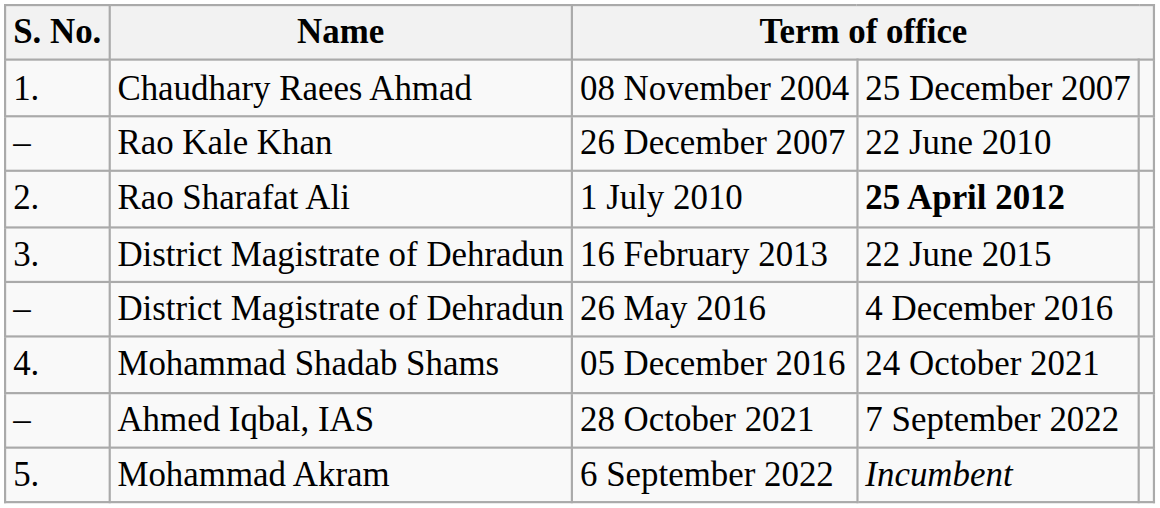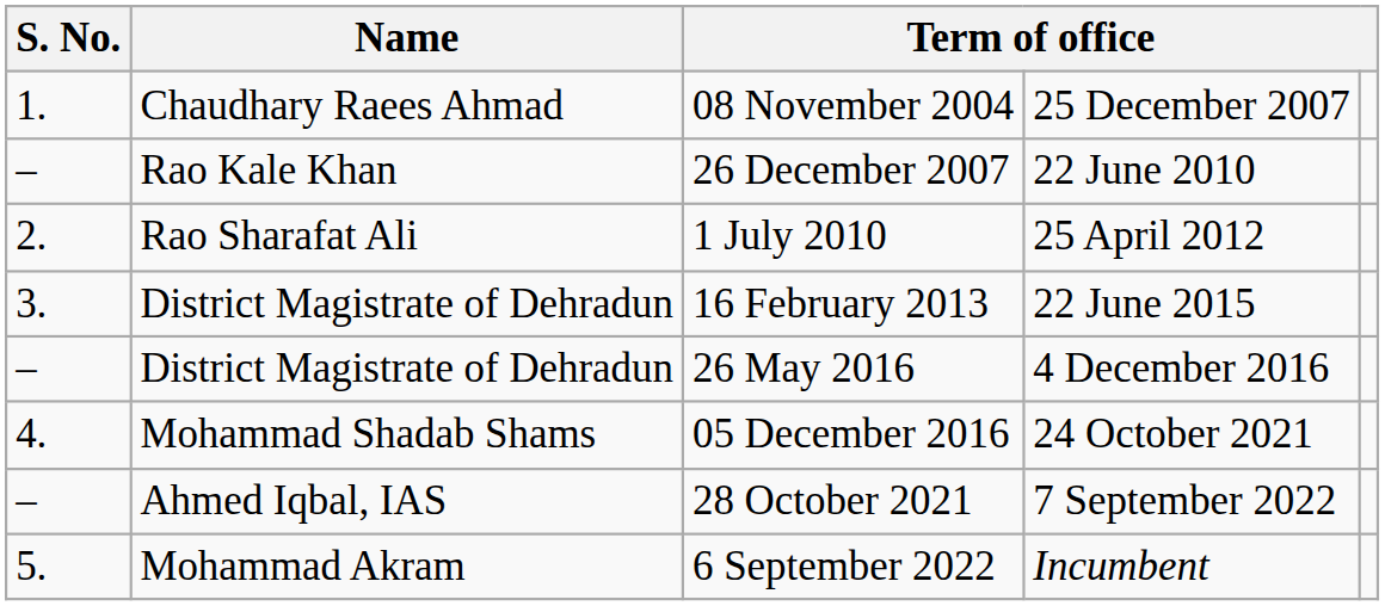 <table class="wikitable" ;">
 <tr>
 <th>S. No.</th>
 <th>Name</th>
 <th colspan="3">Term of office</th>
 </tr>
 <tr>
 <td>1.</td>
 <td>Chaudhary Raees Ahmad</td>
 <td>08 November 2004</td>
 <td>25 December 2007</td>
 <td></td>
 </tr>
 <tr>
 <td>–</td>
 <td>Rao Kale Khan</td>
 <td>26 December 2007</td>
 <td>22 June 2010</td>
 <td></td>
 </tr>
 <tr>
 <td>2.</td>
 <td>Rao Sharafat Ali</td>
 <td>1 July 2010</td>
-<td><strong>25 April 2012</strong></td>
+<td>25 April 2012</td>
 <td></td>
 </tr>
 <tr>
 <td>3.</td>
 <td>District Magistrate of Dehradun </td>
 <td>16 February 2013</td>
 <td>22 June 2015</td>
 <td></td>
 </tr>
 <tr>
 <td>–</td>
 <td>District Magistrate of Dehradun </td>
 <td>26 May 2016</td>
 <td>4 December 2016</td>
 <td></td>
 </tr>
 <tr>
 <td>4.</td>
 <td>Mohammad Shadab Shams</td>
 <td>05 December 2016</td>
 <td>24 October 2021</td>
 <td></td>
 </tr>
 <tr>
 <td>–</td>
 <td>Ahmed Iqbal, IAS </td>
 <td>28 October 2021</td>
 <td>7 September 2022</td>
 <td></td>
 </tr>
 <tr>
 <td>5.</td>
 <td>Mohammad Akram</td>
 <td>6 September 2022</td>
 <td><em>Incumbent</em></td>
 <td></td>
 </tr>
 </table>
